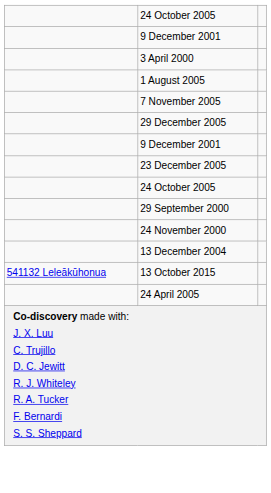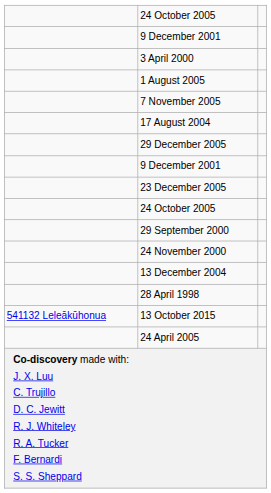 <table class="wikitable" style="font-size: 89%; float: left; width: 26em; margin-right: 1em; line-height: 1.65em !important; height: 530px;">
 <tr>
 <td></td>
 <td>24 October 2005</td>
 <td></td>
 </tr>
 <tr>
 <td></td>
 <td>9 December 2001</td>
 <td></td>
 </tr>
 <tr>
 <td></td>
 <td>3 April 2000</td>
 <td> </td>
 </tr>
 <tr>
 <td></td>
 <td>1 August 2005</td>
 <td></td>
 </tr>
 <tr>
 <td></td>
 <td>7 November 2005</td>
+<td></td>
+</tr>
+<tr>
+<td></td>
+<td>17 August 2004</td>
 <td></td>
 </tr>
 <tr>
 <td></td>
 <td>29 December 2005</td>
 <td></td>
 </tr>
 <tr>
 <td></td>
 <td>9 December 2001</td>
 <td></td>
 </tr>
 <tr>
 <td></td>
 <td>23 December 2005</td>
 <td></td>
 </tr>
 <tr>
 <td></td>
 <td>24 October 2005</td>
 <td></td>
 </tr>
 <tr>
 <td></td>
 <td>29 September 2000</td>
 <td> </td>
 </tr>
 <tr>
 <td></td>
 <td>24 November 2000</td>
 <td></td>
 </tr>
 <tr>
 <td></td>
 <td>13 December 2004</td>
 <td></td>
 </tr>
 <tr>
+<td></td>
+<td>28 April 1998</td>
+<td> </td>
+</tr>
+<tr>
 <td><a href='#'>541132 Leleākūhonua</a></td>
 <td>13 October 2015</td>
 <td> </td>
 </tr>
 <tr>
 <td></td>
 <td>24 April 2005</td>
 <td></td>
 </tr>
 <tr>
 <th colspan=3 style="font-weight: normal; text-align: left; padding: 4px 12px;"><strong>Co-discovery</strong> made with:<br> <a href='#'>J. X. Luu</a><br> <a href='#'>C. Trujillo</a><br> <a href='#'>D. C. Jewitt</a><br> <a href='#'>R. J. Whiteley</a><br> <a href='#'>R. A. Tucker</a><br> <a href='#'>F. Bernardi</a><br> <a href='#'>S. S. Sheppard</a></th>
 </tr>
 </table>
